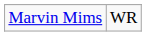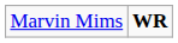 <table class="wikitable sortable">
 <tr text-align:center;>
 </tr>
 <tr>
 <td><a href='#'>Marvin Mims</a></td>
-<td>WR</td>
+<td><strong>WR</strong></td>
 </tr>
 </table>
